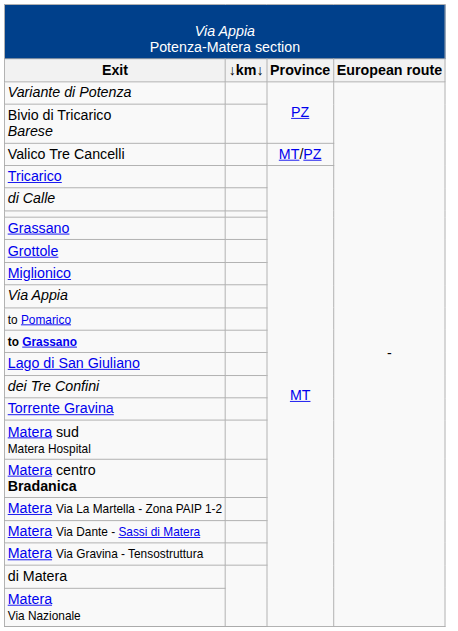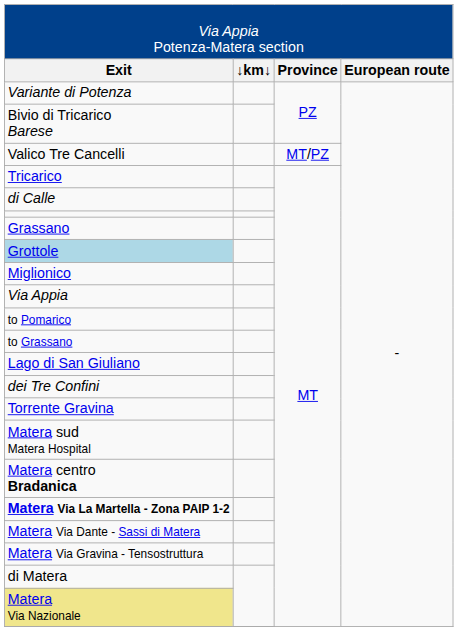 <table class="wikitable">
 <tr align="center" bgcolor="00408B" style="color: white;font-size:100%;">
 <td colspan="5"><br><em>Via Appia</em><br>Potenza-Matera section</td>
 </tr>
 <tr>
 <th>Exit</th>
 <th>↓km↓</th>
 <th>Province</th>
 <th>European route</th>
 </tr>
 <tr>
 <td>   <em>Variante di Potenza</em></td>
 <td align="right"></td>
 <td rowspan=2 align="center"><a href='#'>PZ</a></td>
 <td rowspan="23" align="center">-</td>
 </tr>
 <tr>
 <td> Bivio di Tricarico <br>  <em>Barese</em></td>
 <td align="right"></td>
 </tr>
 <tr>
 <td> Valico Tre Cancelli</td>
 <td align="right"></td>
 <td rowspan=1 align="center"><a href='#'>MT</a>/<a href='#'>PZ</a></td>
 </tr>
 <tr>
 <td> <a href='#'>Tricarico</a></td>
 <td align="right"></td>
 <td rowspan="20" align="center"><a href='#'>MT</a></td>
 </tr>
 <tr>
 <td>  <em>di Calle</em></td>
 <td align="right"></td>
 </tr>
 <tr>
 <td> </td>
 <td align="right"></td>
 </tr>
 <tr>
 <td> <a href='#'>Grassano</a></td>
 <td align="right"></td>
 </tr>
 <tr>
-<td> <a href='#'>Grottole</a></td>
+<td style="background: lightblue;"> <a href='#'>Grottole</a></td>
 <td align="right"></td>
 </tr>
 <tr>
 <td> <a href='#'>Miglionico</a></td>
 <td align="right"></td>
 </tr>
 <tr>
 <td>  <em>Via Appia</em></td>
 <td align="right"></td>
 </tr>
 <tr>
 <td>  <small>to <a href='#'>Pomarico</a></small></td>
 <td align="right"></td>
 </tr>
 <tr>
-<td><strong>  <small>to <a href='#'>Grassano</a></small></strong></td>
+<td>  <small>to <a href='#'>Grassano</a></small></td>
 <td align="right"></td>
 </tr>
 <tr>
 <td>  <a href='#'>Lago di San Giuliano</a></td>
 <td align="right"></td>
 </tr>
 <tr>
 <td>  <em>dei Tre Confini</em></td>
 <td align="right"></td>
 </tr>
 <tr>
 <td>  <a href='#'>Torrente Gravina</a></td>
 <td align="right"></td>
 </tr>
 <tr>
 <td>  <a href='#'>Matera</a> sud<br><small> Matera Hospital</small></td>
 <td align="right"></td>
 </tr>
 <tr>
 <td>  <a href='#'>Matera</a> centro <br>  <strong>Bradanica<em></td>
 <td align="right"></td>
 </tr>
 <tr>
-<td>  <a href='#'>Matera</a> <small>Via La Martella -  Zona PAIP 1-2</small></td>
+<td><strong>  <a href='#'>Matera</a> <small>Via La Martella -  Zona PAIP 1-2</small></strong></td>
 <td align="right"></td>
 </tr>
 <tr>
 <td>  <a href='#'>Matera</a> <small>Via Dante -  <a href='#'>Sassi di Matera</a> </small></td>
 <td align="right"></td>
 </tr>
 <tr>
 <td>  <a href='#'>Matera</a> <small>Via Gravina - Tensostruttura</small></td>
 <td align="right"></td>
 </tr>
 <tr>
 <td>  </em>di Matera<em></td>
 <td rowspan="2" align="center"></td>
 </tr>
 <tr>
-<td> <a href='#'>Matera</a> <br><small>Via Nazionale</small></td>
+<td style="background: khaki;"> <a href='#'>Matera</a> <br><small>Via Nazionale</small></td>
 </tr>
 <tr>
 </tr>
 </table>
